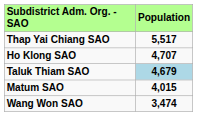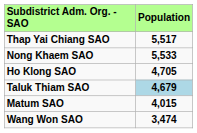 <table class="wikitable" style="width:48%; display:inline-table;">
 <tr>
 <th scope="col" style= "width:74%; background: #b4ff90; text-align:left;"><strong>Subdistrict Adm. Org. - SAO</strong></th>
 <th scope="col" style= "width:26%; background: #b4ff90; text-align:center;"><strong>Population</strong></th>
 </tr>
 <tr>
 <td><strong>Thap Yai Chiang SAO</strong></td>
 <td style="text-align:center;"><strong>5,517</strong></td>
 </tr>
 <tr>
+<td><strong>Nong Khaem SAO</strong></td>
+<td style="text-align:center;"><strong>5,533</strong></td>
+</tr>
+<tr>
 <td><strong>Ho Klong SAO</strong></td>
-<td style="text-align:center;"><strong>4,707</strong></td>
+<td style="text-align:center;"><strong>4,705</strong></td>
 </tr>
 <tr>
 <td><strong>Taluk Thiam SAO</strong></td>
 <td style="background: lightblue; text-align:center;"><strong>4,679</strong></td>
 </tr>
 <tr>
 <td><strong>Matum SAO</strong></td>
 <td style="text-align:center;"><strong>4,015</strong></td>
 </tr>
 <tr>
 <td><strong>Wang Won SAO</strong></td>
 <td style="text-align:center;"><strong>3,474</strong></td>
 </tr>
 </table>
